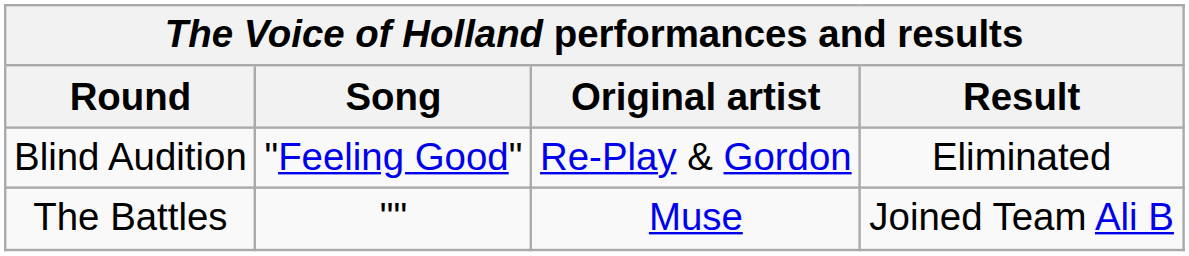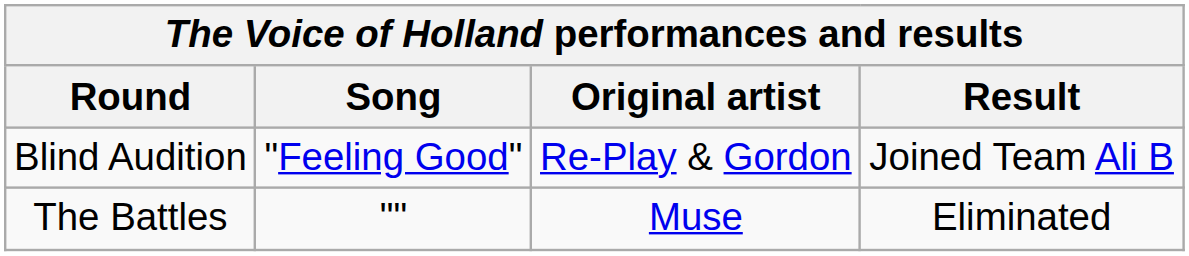 <table class="wikitable collapsible" style="text-align:center;">
 <tr>
 <th colspan="4"><em>The Voice of Holland</em> performances and results</th>
 </tr>
 <tr>
 <th scope="col">Round</th>
 <th scope="col">Song</th>
 <th scope="col">Original artist</th>
 <th scope="col">Result</th>
 </tr>
 <tr>
 <td>Blind Audition</td>
 <td>"<a href='#'>Feeling Good</a>"</td>
 <td><a href='#'>Re-Play</a> & <a href='#'>Gordon</a></td>
-<td>Eliminated</td>
+<td>Joined Team <a href='#'>Ali B</a></td>
 </tr>
 <tr>
 <td>The Battles</td>
 <td>""</td>
 <td><a href='#'>Muse</a></td>
-<td>Joined Team <a href='#'>Ali B</a></td>
+<td>Eliminated</td>
 </tr>
 </table>
